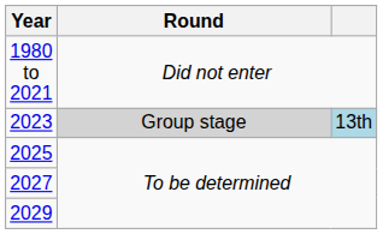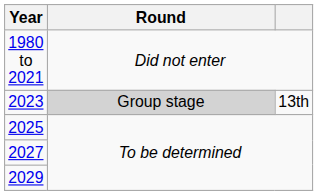 <table class="wikitable" style="text-align: center; font-size:90%">
 <tr>
 <th>Year</th>
 <th style="width:200px">Round</th>
 <th></th>
 </tr>
 <tr>
 <td><a href='#'>1980</a><br>to<br><a href='#'>2021</a></td>
 <td colspan="2"><em>Did not enter</em></td>
 </tr>
 <tr>
 <td><a href='#'>2023</a></td>
 <td style="background: lightgrey;">Group stage</td>
-<td style="background: lightblue;">13th</td>
+<td>13th</td>
 </tr>
 <tr>
 <td><a href='#'>2025</a></td>
 <td colspan="2" rowspan="3"><em>To be determined</em></td>
 </tr>
 <tr>
 <td><a href='#'>2027</a></td>
 </tr>
 <tr>
 <td><a href='#'>2029</a></td>
 </tr>
 </table>
